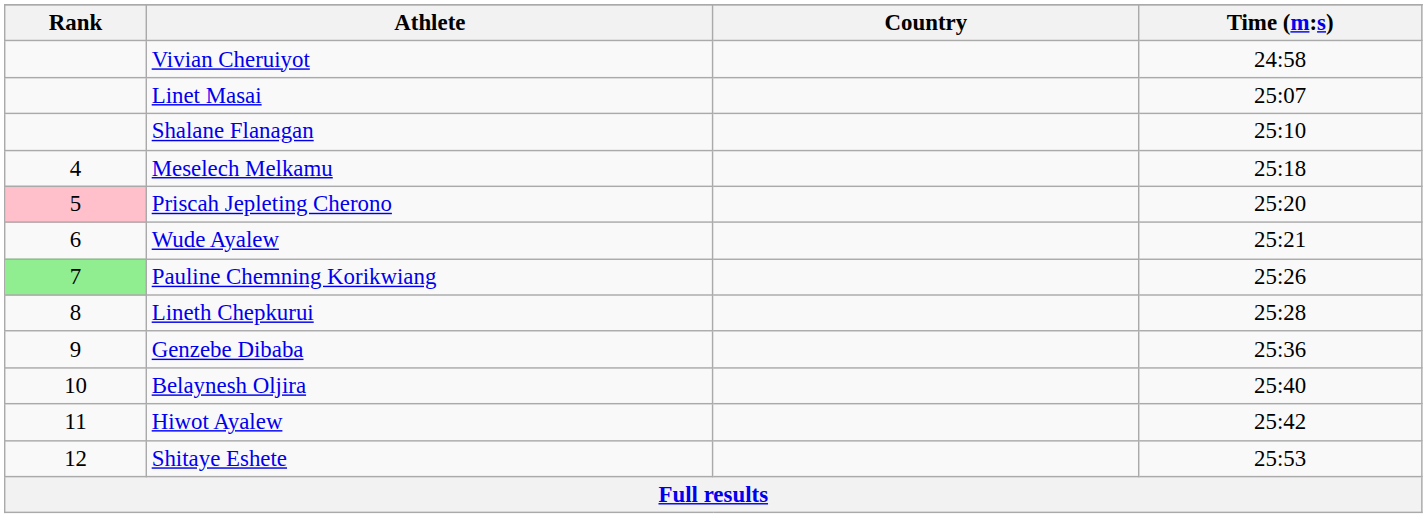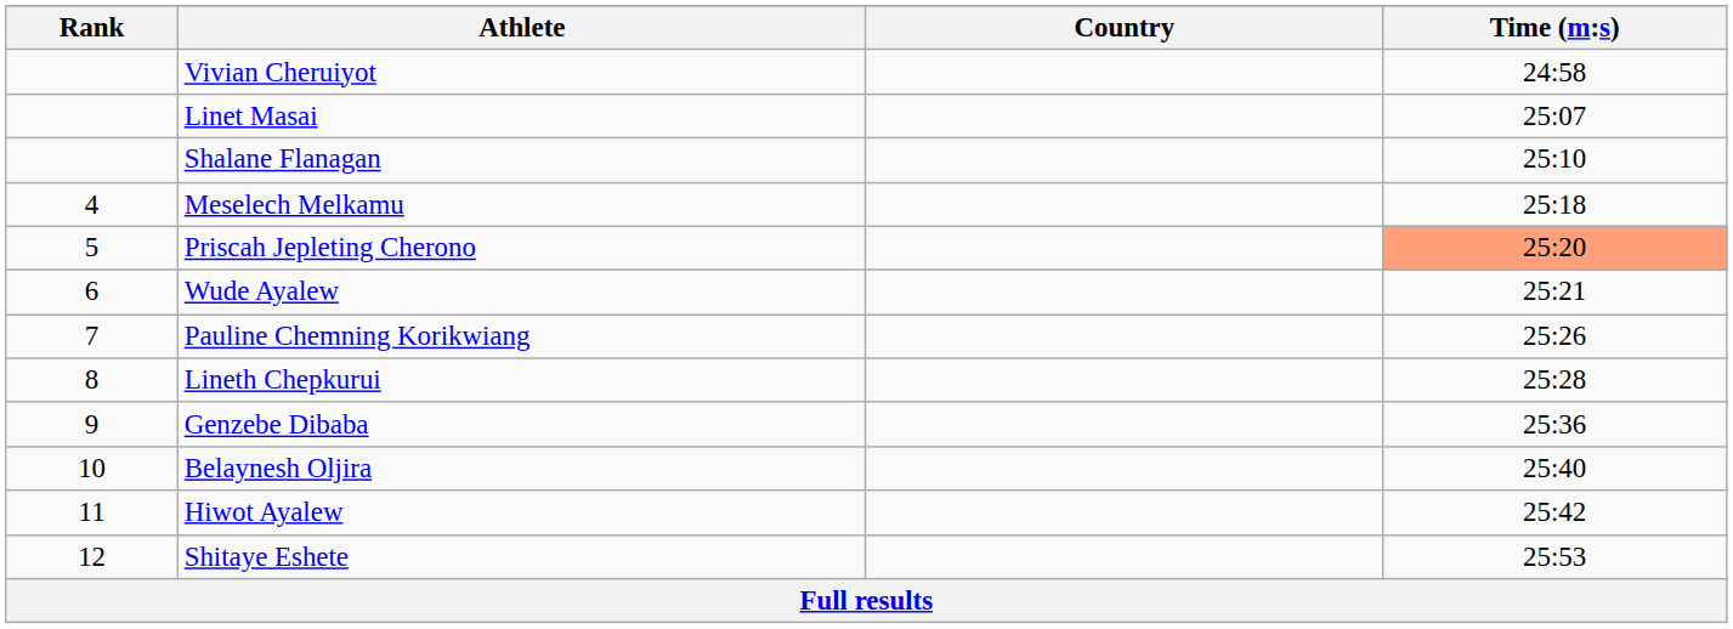 <table class="wikitable" width=50%>
 <tr>
 </tr>
 <tr>
 <th width=5%>Rank</th>
 <th width=20%>Athlete</th>
 <th width=15%>Country</th>
 <th width=10%>Time (<a href='#'>m</a>:<a href='#'>s</a>)</th>
 </tr>
 <tr align="center">
 <td></td>
 <td align="left"><a href='#'>Vivian Cheruiyot</a></td>
 <td align="left"></td>
 <td>24:58</td>
 </tr>
 <tr align="center">
 <td></td>
 <td align="left"><a href='#'>Linet Masai</a></td>
 <td align="left"></td>
 <td>25:07</td>
 </tr>
 <tr align="center">
 <td></td>
 <td align="left"><a href='#'>Shalane Flanagan</a></td>
 <td align="left"></td>
 <td>25:10</td>
 </tr>
 <tr align="center">
 <td>4</td>
 <td align="left"><a href='#'>Meselech Melkamu</a></td>
 <td align="left"></td>
 <td>25:18</td>
 </tr>
 <tr align="center">
-<td style="background: pink;">5</td>
+<td>5</td>
 <td align="left"><a href='#'>Priscah Jepleting Cherono</a></td>
 <td align="left"></td>
-<td>25:20</td>
+<td style="background: lightsalmon;">25:20</td>
 </tr>
 <tr align="center">
 <td>6</td>
 <td align="left"><a href='#'>Wude Ayalew</a></td>
 <td align="left"></td>
 <td>25:21</td>
 </tr>
 <tr align="center">
-<td style="background: lightgreen;">7</td>
+<td>7</td>
 <td align="left"><a href='#'>Pauline Chemning Korikwiang</a></td>
 <td align="left"></td>
 <td>25:26</td>
 </tr>
 <tr align="center">
 <td>8</td>
 <td align="left"><a href='#'>Lineth Chepkurui</a></td>
 <td align="left"></td>
 <td>25:28</td>
 </tr>
 <tr align="center">
 <td>9</td>
 <td align="left"><a href='#'>Genzebe Dibaba</a></td>
 <td align="left"></td>
 <td>25:36</td>
 </tr>
 <tr align="center">
 <td>10</td>
 <td align="left"><a href='#'>Belaynesh Oljira</a></td>
 <td align="left"></td>
 <td>25:40</td>
 </tr>
 <tr align="center">
 <td>11</td>
 <td align="left"><a href='#'>Hiwot Ayalew</a></td>
 <td align="left"></td>
 <td>25:42</td>
 </tr>
 <tr align="center">
 <td>12</td>
 <td align="left"><a href='#'>Shitaye Eshete</a></td>
 <td align="left"></td>
 <td>25:53</td>
 </tr>
 <tr class="sortbottom">
 <th colspan=4 align=center><a href='#'>Full results</a></th>
 </tr>
 </table>
